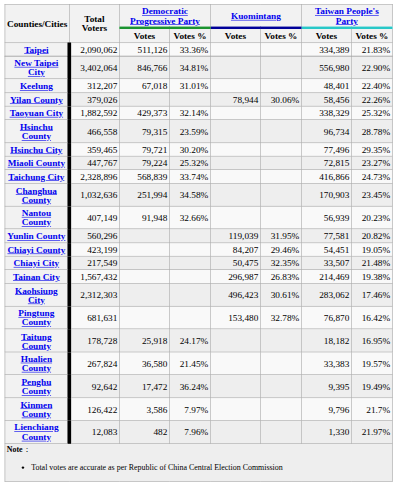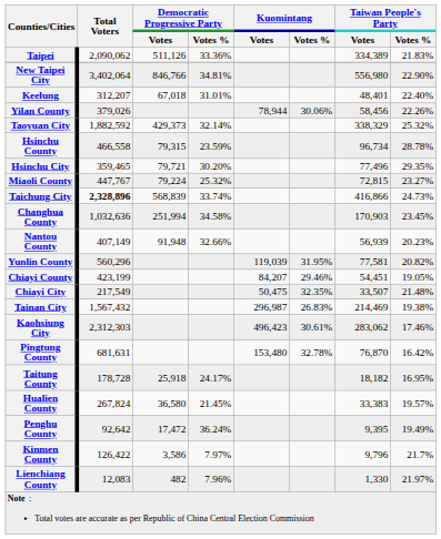 <table class="wikitable sortable" style="margin: auto; background: #f9f9f9; border: 1px #aaa solid; border-collapse: collapse; font-size: 95%; line-height: 1em; text-align: right;">
 <tr>
 <th rowspan=2 style="width:75px;">Counties/Cities</th>
 <th rowspan=2 style="width:75px;">Total Voters</th>
 <th colspan=2 style="border-bottom:4px solid #1b9431;"><a href='#'>Democratic Progressive Party</a></th>
 <th colspan=2 style="border-bottom:4px solid #000099;"><a href='#'>Kuomintang</a></th>
 <th colspan=2 style="border-bottom:4px solid #28c8c8;"><a href='#'>Taiwan People's Party</a></th>
 </tr>
 <tr>
 <th style="width:75px;">Votes</th>
 <th style="width:60px;">Votes %</th>
 <th style="width:75px;">Votes</th>
 <th style="width:60px;">Votes %</th>
 <th style="width:75px;">Votes</th>
 <th style="width:60px;">Votes %</th>
 </tr>
 <tr>
 <th style="border-right:6px solid "><a href='#'>Taipei</a></th>
 <td>2,090,062</td>
 <td>511,126</td>
 <td>33.36%</td>
 <td style="background:"><strong></strong></td>
 <td style="background:"><strong></strong></td>
 <td>334,389</td>
 <td>21.83%</td>
 </tr>
 <tr>
 </tr>
 <tr bgcolor="#EEEEEE">
 <th style="border-right:6px solid "><a href='#'>New Taipei City</a></th>
 <td>3,402,064</td>
 <td>846,766</td>
 <td>34.81%</td>
 <td style="background:"><strong></strong></td>
 <td style="background:"><strong></strong></td>
 <td>556,980</td>
 <td>22.90%</td>
 </tr>
 <tr>
 <th style="border-right:6px solid "><a href='#'>Keelung</a></th>
 <td>312,207</td>
 <td>67,018</td>
 <td>31.01%</td>
 <td style="background:"><strong></strong></td>
 <td style="background:"><strong></strong></td>
 <td>48,401</td>
 <td>22.40%</td>
 </tr>
 <tr bgcolor="#EEEEEE">
 <th style="border-right:6px solid "><a href='#'>Yilan County</a></th>
 <td>379,026</td>
 <td style="background:"><strong></strong></td>
 <td style="background:"><strong></strong></td>
 <td>78,944</td>
 <td>30.06%</td>
 <td>58,456</td>
 <td>22.26%</td>
 </tr>
 <tr>
 <th style="border-right:6px solid "><a href='#'>Taoyuan City</a></th>
 <td>1,882,592</td>
 <td>429,373</td>
 <td>32.14%</td>
 <td style="background:"><strong></strong></td>
 <td style="background:"><strong></strong></td>
 <td>338,329</td>
 <td>25.32%</td>
 </tr>
 <tr bgcolor="#EEEEEE">
 <th style="border-right:6px solid "><a href='#'>Hsinchu County</a></th>
 <td>466,558</td>
 <td>79,315</td>
 <td>23.59%</td>
 <td style="background:"><strong></strong></td>
 <td style="background:"><strong></strong></td>
 <td>96,734</td>
 <td>28.78%</td>
 </tr>
 <tr>
 <th style="border-right:6px solid "><a href='#'>Hsinchu City</a></th>
 <td>359,465</td>
 <td>79,721</td>
 <td>30.20%</td>
 <td style="background:"><strong></strong></td>
 <td style="background:"><strong></strong></td>
 <td>77,496</td>
 <td>29.35%</td>
 </tr>
 <tr bgcolor="#EEEEEE">
 <th style="border-right:6px solid "><a href='#'>Miaoli County</a></th>
 <td>447,767</td>
 <td>79,224</td>
 <td>25.32%</td>
 <td style="background:"><strong></strong></td>
 <td style="background:"><strong></strong></td>
 <td>72,815</td>
 <td>23.27%</td>
 </tr>
 <tr>
 <th style="border-right:6px solid "><a href='#'>Taichung City</a></th>
-<td>2,328,896</td>
+<td><strong>2,328,896</strong></td>
 <td>568,839</td>
 <td>33.74%</td>
 <td style="background:"><strong></strong></td>
 <td style="background:"><strong></strong></td>
 <td>416,866</td>
 <td>24.73%</td>
 </tr>
 <tr bgcolor="#EEEEEE">
 <th style="border-right:6px solid "><a href='#'>Changhua County</a></th>
 <td>1,032,636</td>
 <td>251,994</td>
 <td>34.58%</td>
 <td style="background:"><strong></strong></td>
 <td style="background:"><strong></strong></td>
 <td>170,903</td>
 <td>23.45%</td>
 </tr>
 <tr>
 <th style="border-right:6px solid "><a href='#'>Nantou County</a></th>
 <td>407,149</td>
 <td>91,948</td>
 <td>32.66%</td>
 <td style="background:"><strong></strong></td>
 <td style="background:"><strong></strong></td>
 <td>56,939</td>
 <td>20.23%</td>
 </tr>
 <tr bgcolor="#EEEEEE">
 <th style="border-right:6px solid "><a href='#'>Yunlin County</a></th>
 <td>560,296</td>
 <td style="background:"><strong></strong></td>
 <td style="background:"><strong></strong></td>
 <td>119,039</td>
 <td>31.95%</td>
 <td>77,581</td>
 <td>20.82%</td>
 </tr>
 <tr>
 <th style="border-right:6px solid "><a href='#'>Chiayi County</a></th>
 <td>423,199</td>
 <td style="background:"><strong></strong></td>
 <td style="background:"><strong></strong></td>
 <td>84,207</td>
 <td>29.46%</td>
 <td>54,451</td>
 <td>19.05%</td>
 </tr>
 <tr bgcolor="#EEEEEE">
 <th style="border-right:6px solid "><a href='#'>Chiayi City</a></th>
 <td>217,549</td>
 <td style="background:"><strong></strong></td>
 <td style="background:"><strong></strong></td>
 <td>50,475</td>
 <td>32.35%</td>
 <td>33,507</td>
 <td>21.48%</td>
 </tr>
 <tr>
 <th style="border-right:6px solid "><a href='#'>Tainan City</a></th>
 <td>1,567,432</td>
 <td style="background:"><strong></strong></td>
 <td style="background:"><strong></strong></td>
 <td>296,987</td>
 <td>26.83%</td>
 <td>214,469</td>
 <td>19.38%</td>
 </tr>
 <tr bgcolor="#EEEEEE">
 <th style="border-right:6px solid "><a href='#'>Kaohsiung City</a></th>
 <td>2,312,303</td>
 <td style="background:"><strong></strong></td>
 <td style="background:"><strong></strong></td>
 <td>496,423</td>
 <td>30.61%</td>
 <td>283,062</td>
 <td>17.46%</td>
 </tr>
 <tr>
 <th style="border-right:6px solid "><a href='#'>Pingtung County</a></th>
 <td>681,631</td>
 <td style="background:"><strong></strong></td>
 <td style="background:"><strong></strong></td>
 <td>153,480</td>
 <td>32.78%</td>
 <td>76,870</td>
 <td>16.42%</td>
 </tr>
 <tr bgcolor="#EEEEEE">
 <th style="border-right:6px solid "><a href='#'>Taitung County</a></th>
 <td>178,728</td>
 <td>25,918</td>
 <td>24.17%</td>
 <td style="background:"><strong></strong></td>
 <td style="background:"><strong></strong></td>
 <td>18,182</td>
 <td>16.95%</td>
 </tr>
 <tr>
 <th style="border-right:6px solid "><a href='#'>Hualien County</a></th>
 <td>267,824</td>
 <td>36,580</td>
 <td>21.45%</td>
 <td style="background:"><strong></strong></td>
 <td style="background:"><strong></strong></td>
 <td>33,383</td>
 <td>19.57%</td>
 </tr>
 <tr bgcolor="#EEEEEE">
 <th style="border-right:6px solid "><a href='#'>Penghu County</a></th>
 <td>92,642</td>
 <td>17,472</td>
 <td>36.24%</td>
 <td style="background:"><strong></strong></td>
 <td style="background:"><strong></strong></td>
 <td>9,395</td>
 <td>19.49%</td>
 </tr>
 <tr>
 <th style="border-right:6px solid "><a href='#'>Kinmen County</a></th>
 <td>126,422</td>
 <td>3,586</td>
 <td>7.97%</td>
 <td style="background:"><strong></strong></td>
 <td style="background:"><strong></strong></td>
 <td>9,796</td>
 <td>21.7%</td>
 </tr>
 <tr bgcolor="#EEEEEE">
 <th style="border-right:6px solid "><a href='#'>Lienchiang County</a></th>
 <td>12,083</td>
 <td>482</td>
 <td>7.96%</td>
 <td style="background:"><strong></strong></td>
 <td style="background:"><strong></strong></td>
 <td>1,330</td>
 <td>21.97%</td>
 </tr>
 <tr class="sortbottom">
 <td colspan="11" align="left" bgcolor="#eeeeee" style="font-size:small;"><strong>Note</strong>：<br><ul><li>Total votes are accurate as per Republic of China Central Election Commission</li></ul></td>
 </tr>
 </table>
